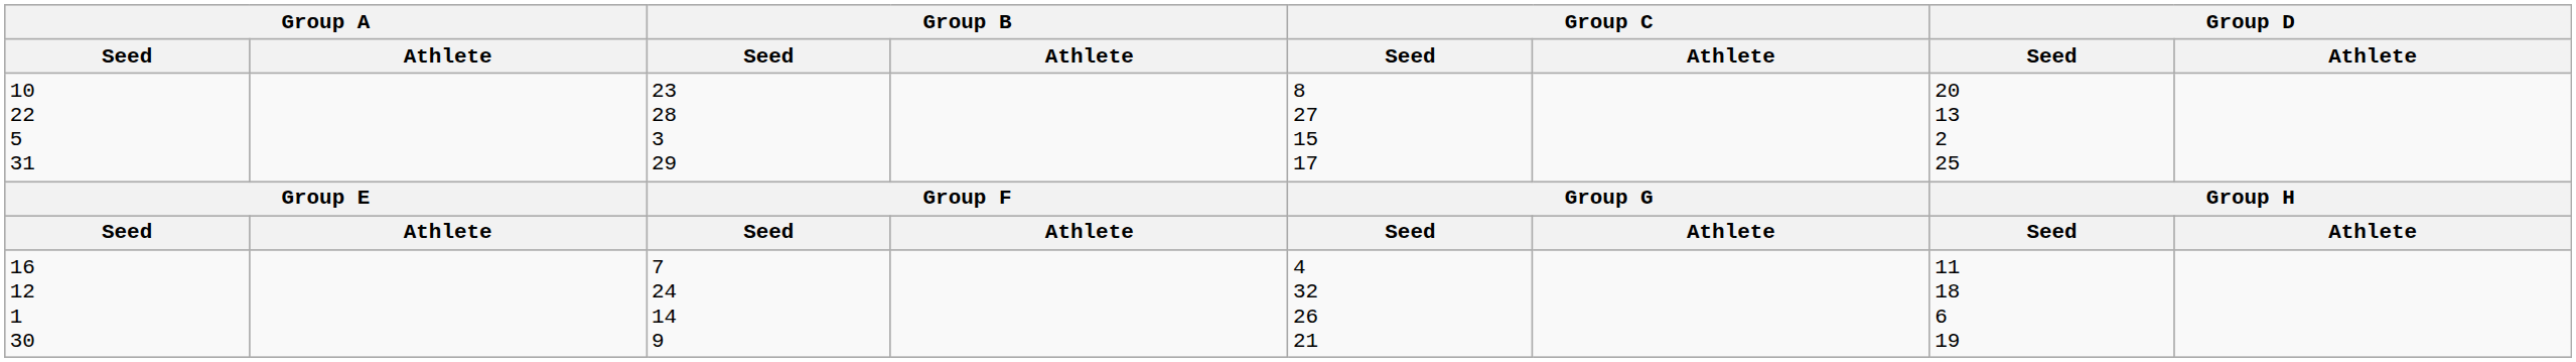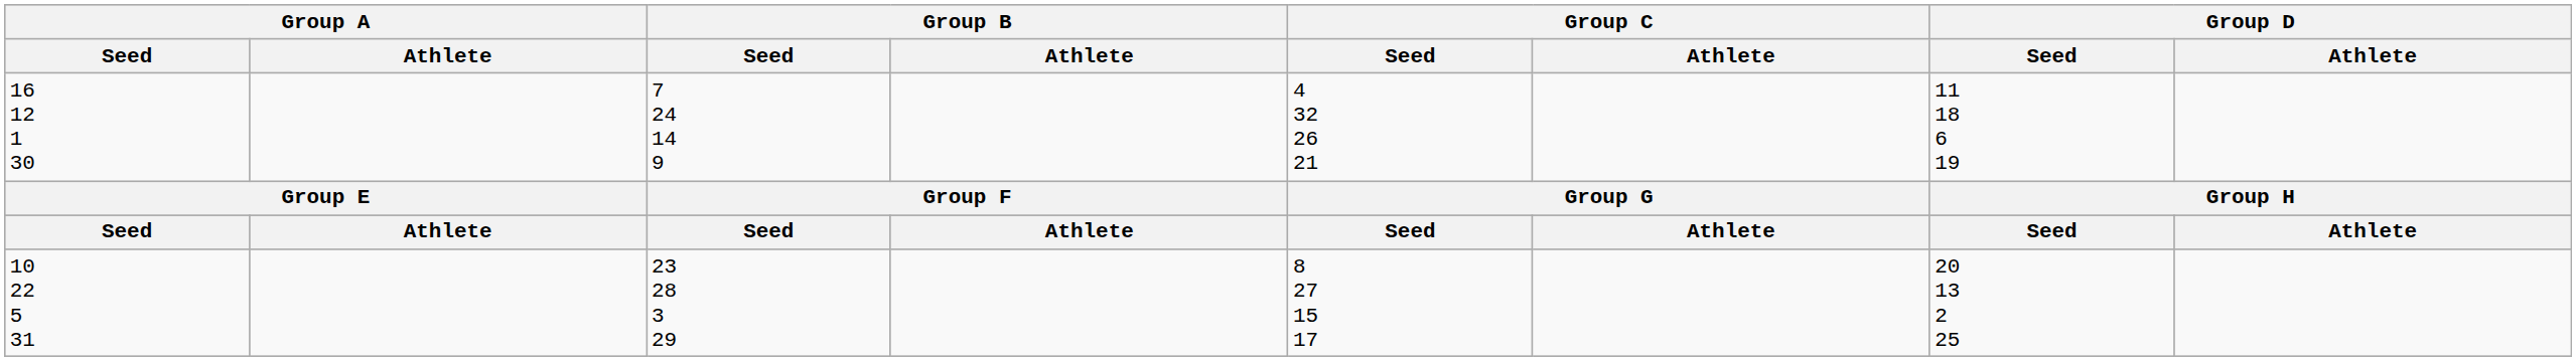 <table class="wikitable" width="100%">
 <tr>
 <th colspan="2" width="25%">Group A</th>
 <th colspan="2" width="25%">Group B</th>
 <th colspan="2" width="25%">Group C</th>
 <th colspan="2" width="25%">Group D</th>
+</tr>
+<tr>
+<th>Seed</th>
+<th>Athlete</th>
+<th>Seed</th>
+<th>Athlete</th>
+<th>Seed</th>
+<th>Athlete</th>
+<th>Seed</th>
+<th>Athlete</th>
+</tr>
+<tr>
+<td>16<br>12<br>1<br>30</td>
+<td><br><br><br> <br> </td>
+<td>7<br>24<br>14<br>9</td>
+<td><br><br><br> <br> </td>
+<td>4<br>32<br>26<br>21</td>
+<td><br><br><br> <br> </td>
+<td>11<br>18<br>6<br>19</td>
+<td><br><br><br> <br> </td>
+</tr>
+<tr>
+<th colspan="2">Group E</th>
+<th colspan="2">Group F</th>
+<th colspan="2">Group G</th>
+<th colspan="2">Group H</th>
 </tr>
 <tr>
 <th>Seed</th>
 <th>Athlete</th>
 <th>Seed</th>
 <th>Athlete</th>
 <th>Seed</th>
 <th>Athlete</th>
 <th>Seed</th>
 <th>Athlete</th>
 </tr>
 <tr>
 <td>10<br>22<br>5<br>31</td>
 <td><br><br><br> <br> </td>
 <td>23<br>28<br>3<br>29</td>
 <td><br><br><br> <br> </td>
 <td>8<br>27<br>15<br>17</td>
 <td><br><br><br> <br> </td>
 <td>20<br>13<br>2<br>25</td>
 <td><br><br><br> <br> </td>
 </tr>
-<tr>
-<th colspan="2">Group E</th>
-<th colspan="2">Group F</th>
-<th colspan="2">Group G</th>
-<th colspan="2">Group H</th>
-</tr>
-<tr>
-<th>Seed</th>
-<th>Athlete</th>
-<th>Seed</th>
-<th>Athlete</th>
-<th>Seed</th>
-<th>Athlete</th>
-<th>Seed</th>
-<th>Athlete</th>
-</tr>
-<tr>
-<td>16<br>12<br>1<br>30</td>
-<td><br><br><br> <br> </td>
-<td>7<br>24<br>14<br>9</td>
-<td><br><br><br> <br> </td>
-<td>4<br>32<br>26<br>21</td>
-<td><br><br><br> <br> </td>
-<td>11<br>18<br>6<br>19</td>
-<td><br><br><br> <br> </td>
-</tr>
 </table>
